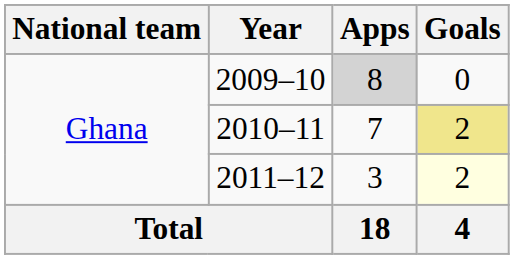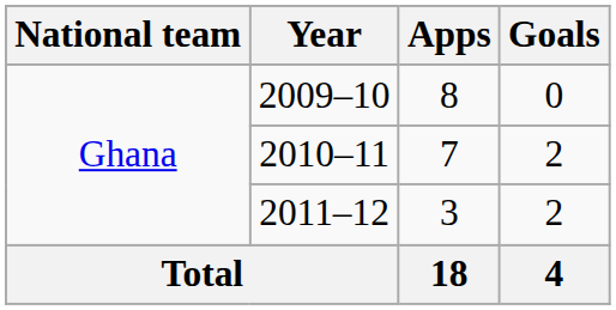 <table class="wikitable" style="text-align:center">
 <tr>
 <th>National team</th>
 <th>Year</th>
 <th>Apps</th>
 <th>Goals</th>
 </tr>
 <tr>
 <td rowspan="3"><a href='#'>Ghana</a></td>
 <td>2009–10</td>
-<td style="background: lightgrey;">8</td>
+<td>8</td>
 <td>0</td>
 </tr>
 <tr>
 <td>2010–11</td>
 <td>7</td>
-<td style="background: khaki;">2</td>
+<td>2</td>
 </tr>
 <tr>
 <td>2011–12</td>
 <td>3</td>
-<td style="background: lightyellow;">2</td>
+<td>2</td>
 </tr>
 <tr>
 <th colspan="2">Total</th>
 <th>18</th>
 <th>4</th>
 </tr>
 </table>
